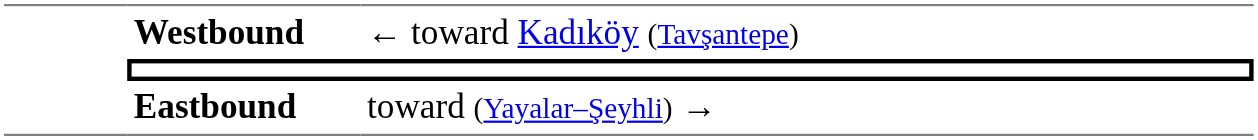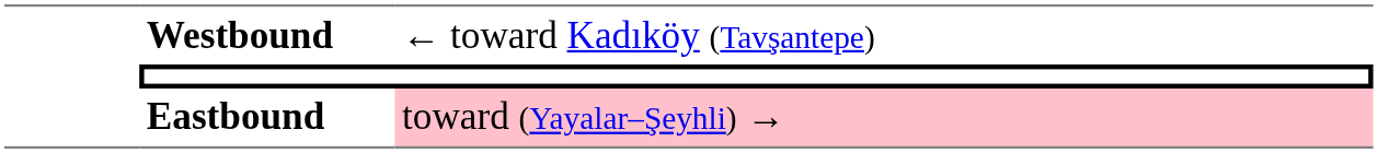 <table table border=0 cellspacing=0 cellpadding=3>
 <tr>
 <td style="border-top:solid 1px gray;border-bottom:solid 1px gray;" width=50 rowspan=3 valign=top></td>
 <td style="border-top:solid 1px gray;" width=100><strong>Westbound</strong></td>
 <td style="border-top:solid 1px gray;" width=400>←  toward <a href='#'>Kadıköy</a> <small>(<a href='#'>Tavşantepe</a>)</small></td>
 </tr>
 <tr>
 <td style="border-top:solid 2px black;border-right:solid 2px black;border-left:solid 2px black;border-bottom:solid 2px black;text-align:center;" colspan=2></td>
 </tr>
 <tr>
 <td style="border-bottom:solid 1px gray;"><strong>Eastbound</strong></td>
-<td style="border-bottom:solid 1px gray;"> toward  <small>(<a href='#'>Yayalar–Şeyhli</a>)</small> →</td>
+<td style="background: pink; border-bottom:solid 1px gray;"> toward  <small>(<a href='#'>Yayalar–Şeyhli</a>)</small> →</td>
 </tr>
 </table>
